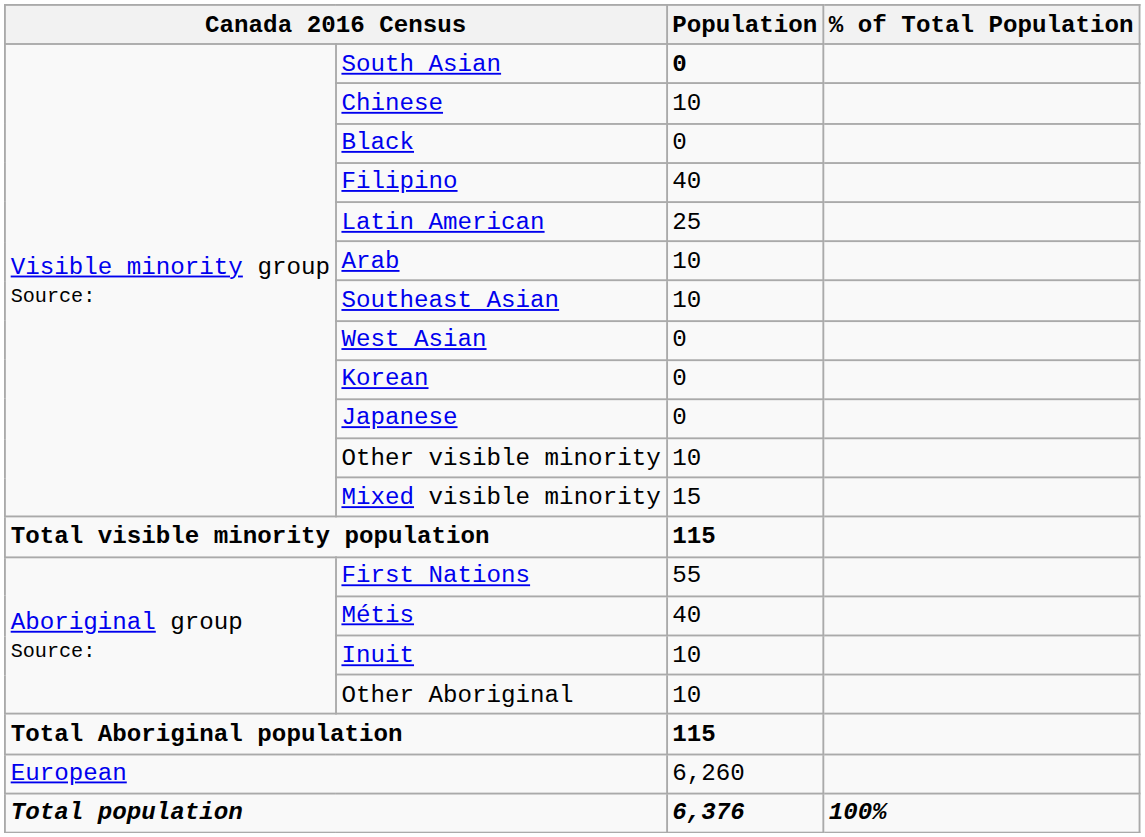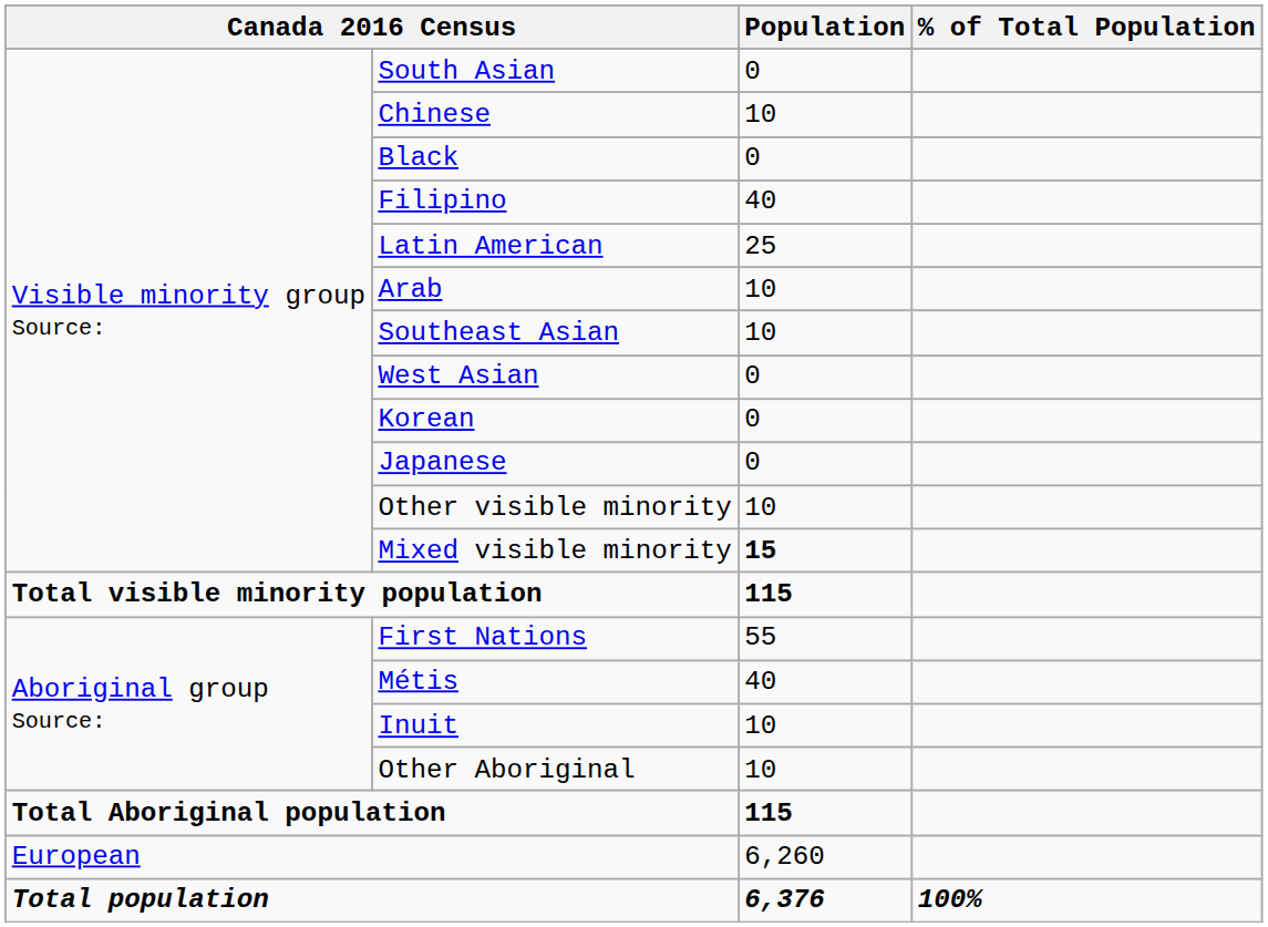 <table class="wikitable">
 <tr>
 <th colspan="2">Canada 2016 Census</th>
 <th>Population</th>
 <th>% of Total Population</th>
 </tr>
 <tr>
 <td rowspan="12"><a href='#'>Visible minority</a> group<br><small>Source:</small></td>
 <td><a href='#'>South Asian</a></td>
-<td><strong>0</strong></td>
+<td>0</td>
 <td></td>
 </tr>
 <tr>
 <td><a href='#'>Chinese</a></td>
 <td>10</td>
 <td></td>
 </tr>
 <tr>
 <td><a href='#'>Black</a></td>
 <td>0</td>
 <td></td>
 </tr>
 <tr>
 <td><a href='#'>Filipino</a></td>
 <td>40</td>
 <td></td>
 </tr>
 <tr>
 <td><a href='#'>Latin American</a></td>
 <td>25</td>
 <td></td>
 </tr>
 <tr>
 <td><a href='#'>Arab</a></td>
 <td>10</td>
 <td></td>
 </tr>
 <tr>
 <td><a href='#'>Southeast Asian</a></td>
 <td>10</td>
 <td></td>
 </tr>
 <tr>
 <td><a href='#'>West Asian</a></td>
 <td>0</td>
 <td></td>
 </tr>
 <tr>
 <td><a href='#'>Korean</a></td>
 <td>0</td>
 <td></td>
 </tr>
 <tr>
 <td><a href='#'>Japanese</a></td>
 <td>0</td>
 <td></td>
 </tr>
 <tr>
 <td>Other visible minority</td>
 <td>10</td>
 <td></td>
 </tr>
 <tr>
 <td><a href='#'>Mixed</a> visible minority</td>
-<td>15</td>
+<td><strong>15</strong></td>
 <td></td>
 </tr>
 <tr>
 <td colspan="2"><strong>Total visible minority population</strong></td>
 <td><strong>115</strong></td>
 <td><strong></strong></td>
 </tr>
 <tr>
 <td rowspan="4"><a href='#'>Aboriginal</a> group<br><small>Source:</small></td>
 <td><a href='#'>First Nations</a></td>
 <td>55</td>
 <td></td>
 </tr>
 <tr>
 <td><a href='#'>Métis</a></td>
 <td>40</td>
 <td></td>
 </tr>
 <tr>
 <td><a href='#'>Inuit</a></td>
 <td>10</td>
 <td></td>
 </tr>
 <tr>
 <td>Other Aboriginal</td>
 <td>10</td>
 <td></td>
 </tr>
 <tr>
 <td colspan="2"><strong>Total Aboriginal population</strong></td>
 <td><strong>115</strong></td>
 <td><strong></strong></td>
 </tr>
 <tr>
 <td colspan="2"><a href='#'>European</a></td>
 <td>6,260</td>
 <td></td>
 </tr>
 <tr>
 <td colspan="2"><strong><em>Total population</em></strong></td>
 <td><strong><em>6,376</em></strong></td>
 <td><strong><em>100%</em></strong></td>
 </tr>
 </table>
